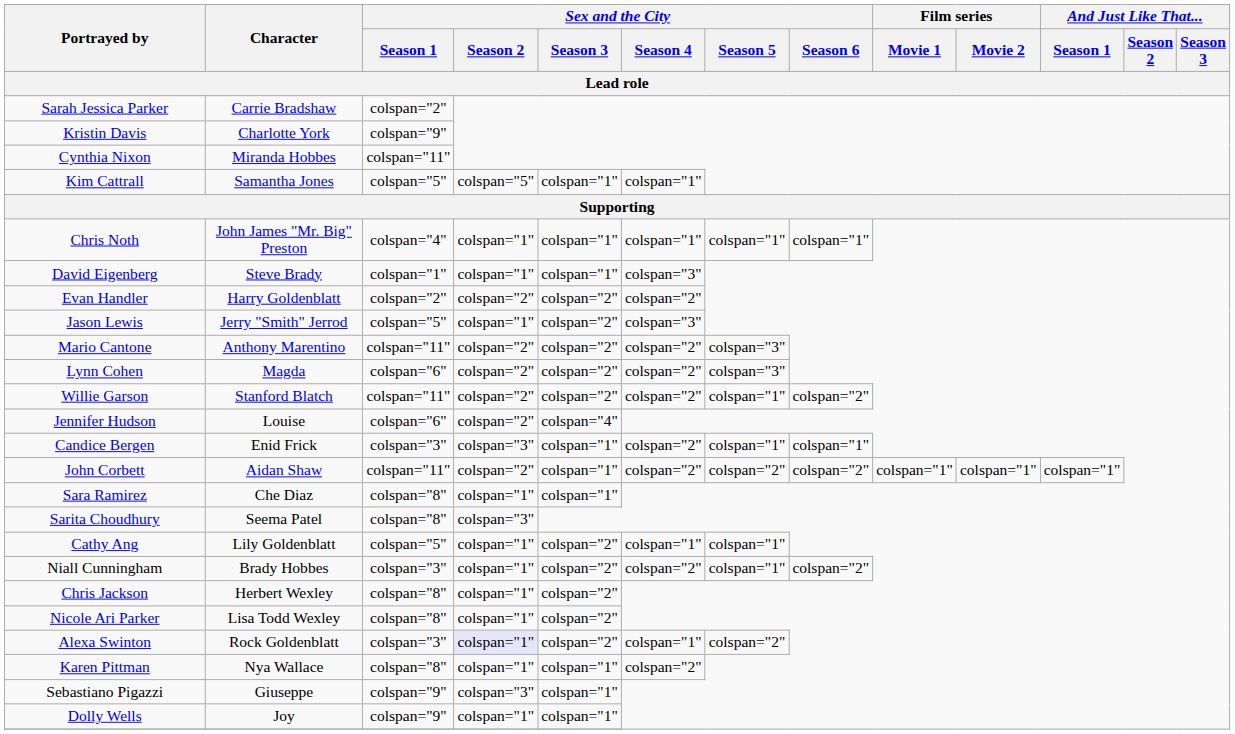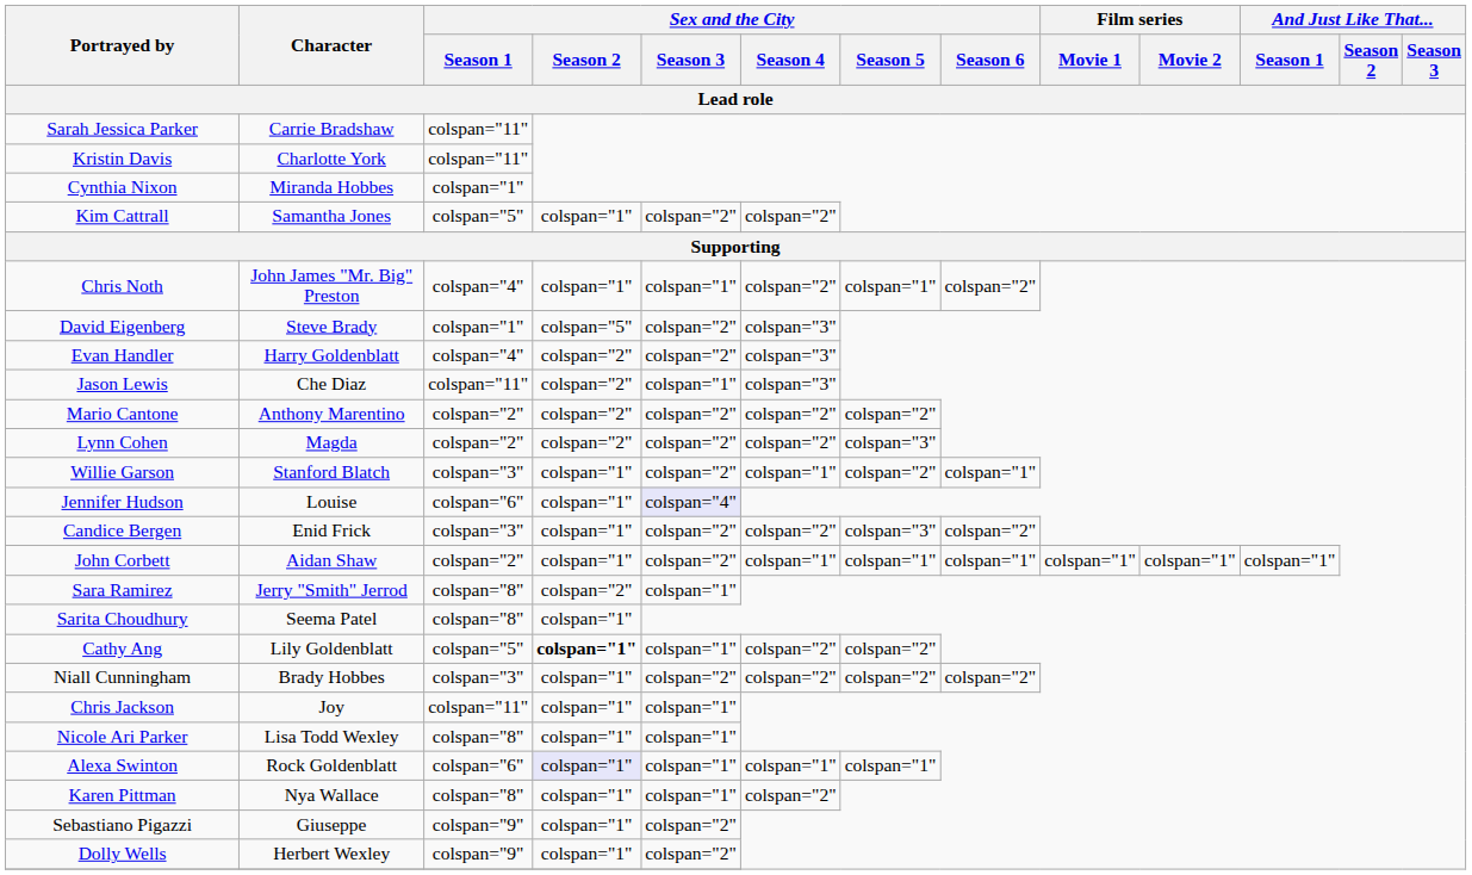 <table class="wikitable plainrowheaders" style="text-align:center; width:100%;">
 <tr>
 <th scope="col" rowspan="2" style="width:18%;">Portrayed by</th>
 <th scope="col" rowspan="2" style="width:14%;">Character</th>
 <th scope="col" colspan="6"><em><a href='#'>Sex and the City</a></em></th>
 <th scope="col" colspan="2">Film series</th>
 <th scope="col" colspan="3"><em><a href='#'>And Just Like That...</a></em></th>
 </tr>
 <tr>
 <th scope="col" style="width:4%;"><a href='#'>Season 1</a></th>
 <th scope="col" style="width:4%;"><a href='#'>Season 2</a></th>
 <th scope="col" style="width:4%;"><a href='#'>Season 3</a></th>
 <th scope="col" style="width:4%;"><a href='#'>Season 4</a></th>
 <th scope="col" style="width:4%;"><a href='#'>Season 5</a></th>
 <th scope="col" style="width:4%;"><a href='#'>Season 6</a></th>
 <th scope="col" style="width:4%;"><a href='#'>Movie 1</a></th>
 <th scope="col" style="width:4%;"><a href='#'>Movie 2</a></th>
 <th scope="col" style="width:4%;"><a href='#'>Season 1</a></th>
 <th scope="col" style="width:4%;"><a href='#'>Season 2</a></th>
 <th scope="col" style="width:4%;"><a href='#'>Season 3</a></th>
 </tr>
 <tr>
 <th colspan="13">Lead role</th>
 </tr>
 <tr>
 <td><a href='#'>Sarah Jessica Parker</a></td>
 <td><a href='#'>Carrie Bradshaw</a></td>
-<td>colspan="2" </td>
+<td>colspan="11" </td>
 </tr>
 <tr>
 <td><a href='#'>Kristin Davis</a></td>
 <td><a href='#'>Charlotte York</a></td>
-<td>colspan="9" </td>
+<td>colspan="11" </td>
 </tr>
 <tr>
 <td><a href='#'>Cynthia Nixon</a></td>
 <td><a href='#'>Miranda Hobbes</a></td>
-<td>colspan="11" </td>
+<td>colspan="1" </td>
 </tr>
 <tr>
 <td><a href='#'>Kim Cattrall</a></td>
 <td><a href='#'>Samantha Jones</a></td>
 <td>colspan="5" </td>
-<td>colspan="5" </td>
 <td>colspan="1" </td>
-<td>colspan="1" </td>
+<td>colspan="2" </td>
+<td>colspan="2" </td>
 </tr>
 <tr>
 <th colspan="13">Supporting</th>
 </tr>
 <tr>
 <td><a href='#'>Chris Noth</a></td>
 <td><a href='#'>John James "Mr. Big" Preston</a></td>
 <td>colspan="4" </td>
 <td>colspan="1" </td>
 <td>colspan="1" </td>
+<td>colspan="2" </td>
 <td>colspan="1" </td>
-<td>colspan="1" </td>
-<td>colspan="1" </td>
+<td>colspan="2" </td>
 </tr>
 <tr>
 <td><a href='#'>David Eigenberg</a></td>
 <td><a href='#'>Steve Brady</a></td>
 <td>colspan="1" </td>
-<td>colspan="1" </td>
-<td>colspan="1" </td>
+<td>colspan="5" </td>
+<td>colspan="2" </td>
 <td>colspan="3" </td>
 </tr>
 <tr>
 <td><a href='#'>Evan Handler</a></td>
 <td><a href='#'>Harry Goldenblatt</a></td>
+<td>colspan="4" </td>
+<td>colspan="2" </td>
+<td>colspan="2" </td>
+<td>colspan="3" </td>
+</tr>
+<tr>
+<td><a href='#'>Jason Lewis</a></td>
+<td>Che Diaz</td>
+<td>colspan="11" </td>
+<td>colspan="2" </td>
+<td>colspan="1" </td>
+<td>colspan="3" </td>
+</tr>
+<tr>
+<td><a href='#'>Mario Cantone</a></td>
+<td><a href='#'>Anthony Marentino</a></td>
+<td>colspan="2" </td>
 <td>colspan="2" </td>
 <td>colspan="2" </td>
 <td>colspan="2" </td>
 <td>colspan="2" </td>
 </tr>
 <tr>
-<td><a href='#'>Jason Lewis</a></td>
-<td><a href='#'>Jerry "Smith" Jerrod</a></td>
-<td>colspan="5" </td>
-<td>colspan="1" </td>
-<td>colspan="2" </td>
-<td>colspan="3" </td>
-</tr>
-<tr>
-<td><a href='#'>Mario Cantone</a></td>
-<td><a href='#'>Anthony Marentino</a></td>
-<td>colspan="11" </td>
-<td>colspan="2" </td>
-<td>colspan="2" </td>
-<td>colspan="2" </td>
-<td>colspan="3" </td>
-</tr>
-<tr>
 <td><a href='#'>Lynn Cohen</a></td>
 <td><a href='#'>Magda</a></td>
-<td>colspan="6" </td>
+<td>colspan="2" </td>
 <td>colspan="2" </td>
 <td>colspan="2" </td>
 <td>colspan="2" </td>
 <td>colspan="3" </td>
 </tr>
 <tr>
 <td><a href='#'>Willie Garson</a></td>
 <td><a href='#'>Stanford Blatch</a></td>
-<td>colspan="11" </td>
-<td>colspan="2" </td>
-<td>colspan="2" </td>
+<td>colspan="3" </td>
+<td>colspan="1" </td>
 <td>colspan="2" </td>
 <td>colspan="1" </td>
 <td>colspan="2" </td>
+<td>colspan="1" </td>
 </tr>
 <tr>
 <td><a href='#'>Jennifer Hudson</a></td>
 <td>Louise</td>
 <td>colspan="6" </td>
-<td>colspan="2" </td>
-<td>colspan="4" </td>
+<td>colspan="1" </td>
+<td style="background: lavender;">colspan="4" </td>
 </tr>
 <tr>
 <td><a href='#'>Candice Bergen</a></td>
 <td>Enid Frick</td>
 <td>colspan="3" </td>
+<td>colspan="1" </td>
+<td>colspan="2" </td>
+<td>colspan="2" </td>
 <td>colspan="3" </td>
+<td>colspan="2" </td>
+</tr>
+<tr>
+<td><a href='#'>John Corbett</a></td>
+<td><a href='#'>Aidan Shaw</a></td>
+<td>colspan="2" </td>
 <td>colspan="1" </td>
 <td>colspan="2" </td>
 <td>colspan="1" </td>
 <td>colspan="1" </td>
-</tr>
-<tr>
-<td><a href='#'>John Corbett</a></td>
-<td><a href='#'>Aidan Shaw</a></td>
-<td>colspan="11" </td>
-<td>colspan="2" </td>
 <td>colspan="1" </td>
-<td>colspan="2" </td>
-<td>colspan="2" </td>
-<td>colspan="2" </td>
 <td>colspan="1" </td>
 <td>colspan="1" </td>
 <td>colspan="1" </td>
 </tr>
 <tr>
 <td><a href='#'>Sara Ramirez</a></td>
-<td>Che Diaz</td>
+<td><a href='#'>Jerry "Smith" Jerrod</a></td>
 <td>colspan="8" </td>
-<td>colspan="1" </td>
+<td>colspan="2" </td>
 <td>colspan="1" </td>
 </tr>
 <tr>
 <td><a href='#'>Sarita Choudhury</a></td>
 <td>Seema Patel</td>
 <td>colspan="8" </td>
-<td>colspan="3" </td>
+<td>colspan="1" </td>
 </tr>
 <tr>
 <td><a href='#'>Cathy Ang</a></td>
 <td>Lily Goldenblatt</td>
 <td>colspan="5" </td>
+<td><strong>colspan="1" </strong></td>
 <td>colspan="1" </td>
 <td>colspan="2" </td>
-<td>colspan="1" </td>
-<td>colspan="1" </td>
+<td>colspan="2" </td>
 </tr>
 <tr>
 <td>Niall Cunningham</td>
 <td>Brady Hobbes</td>
 <td>colspan="3" </td>
 <td>colspan="1" </td>
 <td>colspan="2" </td>
 <td>colspan="2" </td>
-<td>colspan="1" </td>
+<td>colspan="2" </td>
 <td>colspan="2" </td>
 </tr>
 <tr>
 <td><a href='#'>Chris Jackson</a></td>
-<td>Herbert Wexley</td>
-<td>colspan="8" </td>
+<td>Joy</td>
+<td>colspan="11" </td>
 <td>colspan="1" </td>
-<td>colspan="2" </td>
+<td>colspan="1" </td>
 </tr>
 <tr>
 <td><a href='#'>Nicole Ari Parker</a></td>
 <td>Lisa Todd Wexley</td>
 <td>colspan="8" </td>
 <td>colspan="1" </td>
-<td>colspan="2" </td>
+<td>colspan="1" </td>
 </tr>
 <tr>
 <td><a href='#'>Alexa Swinton</a></td>
 <td>Rock Goldenblatt</td>
-<td>colspan="3" </td>
+<td>colspan="6" </td>
 <td style="background: lavender;">colspan="1" </td>
-<td>colspan="2" </td>
 <td>colspan="1" </td>
-<td>colspan="2" </td>
+<td>colspan="1" </td>
+<td>colspan="1" </td>
 </tr>
 <tr>
 <td><a href='#'>Karen Pittman</a></td>
 <td>Nya Wallace</td>
 <td>colspan="8" </td>
 <td>colspan="1" </td>
 <td>colspan="1" </td>
 <td>colspan="2" </td>
 </tr>
 <tr>
 <td>Sebastiano Pigazzi</td>
 <td>Giuseppe</td>
 <td>colspan="9" </td>
-<td>colspan="3" </td>
 <td>colspan="1" </td>
+<td>colspan="2" </td>
 </tr>
 <tr>
 <td><a href='#'>Dolly Wells</a></td>
-<td>Joy</td>
+<td>Herbert Wexley</td>
 <td>colspan="9" </td>
 <td>colspan="1" </td>
-<td>colspan="1" </td>
+<td>colspan="2" </td>
 </tr>
 <tr>
 </tr>
 </table>
